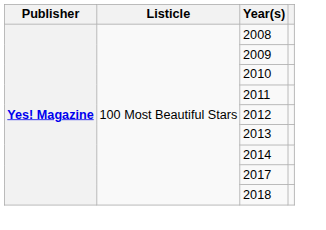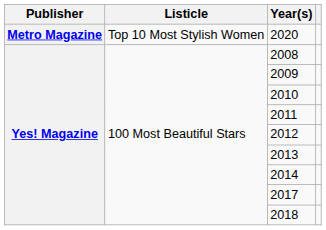 <table class="wikitable plainrowheaders sortable" style="margin-right: 0;">
 <tr>
 <th scope="col">Publisher</th>
 <th scope="col">Listicle</th>
 <th scope="col">Year(s)</th>
 <th scope="col" class="unsortable"></th>
+</tr>
+<tr>
+<th scope="row"><a href='#'>Metro Magazine</a></th>
+<td>Top 10 Most Stylish Women</td>
+<td>2020</td>
+<td></td>
 </tr>
 <tr>
 <th scope="row" rowspan="9"><a href='#'>Yes! Magazine</a></th>
 <td rowspan="9">100 Most Beautiful Stars</td>
 <td>2008</td>
 <td></td>
 </tr>
 <tr>
 <td>2009</td>
 <td></td>
 </tr>
 <tr>
 <td>2010</td>
 <td></td>
 </tr>
 <tr>
 <td>2011</td>
 <td></td>
 </tr>
 <tr>
 <td>2012</td>
 <td></td>
 </tr>
 <tr>
 <td>2013</td>
 <td></td>
 </tr>
 <tr>
 <td>2014</td>
 <td></td>
 </tr>
 <tr>
 <td>2017</td>
 <td></td>
 </tr>
 <tr>
 <td>2018</td>
 <td></td>
 </tr>
 </table>
